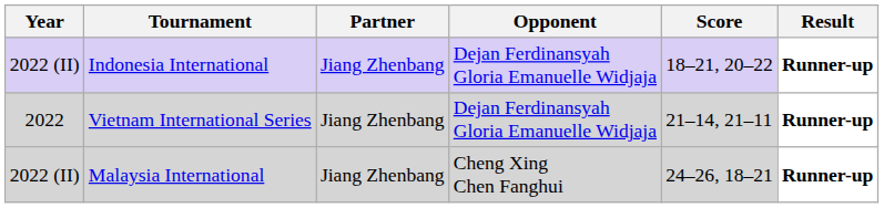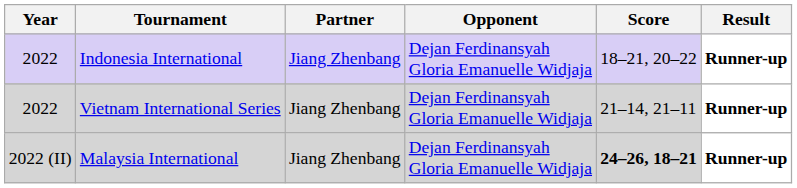 <table class="sortable wikitable" style="font-size: 90%;">
 <tr>
 <th>Year</th>
 <th>Tournament</th>
 <th>Partner</th>
 <th>Opponent</th>
 <th>Score</th>
 <th>Result</th>
 </tr>
 <tr style="background:#D8CEF6">
-<td align="center">2022 (II)</td>
+<td align="center">2022</td>
 <td align="left"><a href='#'>Indonesia International</a></td>
 <td align="left"> <a href='#'>Jiang Zhenbang</a></td>
 <td align="left"> <a href='#'>Dejan Ferdinansyah</a><br> <a href='#'>Gloria Emanuelle Widjaja</a></td>
 <td align="left">18–21, 20–22</td>
 <td style="text-align:left; background:white"> <strong>Runner-up</strong></td>
 </tr>
 <tr style="background:#D5D5D5">
 <td align="center">2022</td>
 <td align="left"><a href='#'>Vietnam International Series</a></td>
 <td align="left"> Jiang Zhenbang</td>
 <td align="left"> <a href='#'>Dejan Ferdinansyah</a><br> <a href='#'>Gloria Emanuelle Widjaja</a></td>
 <td align="left">21–14, 21–11</td>
 <td style="text-align:left; background:white"> <strong>Runner-up</strong></td>
 </tr>
 <tr style="background:#D5D5D5">
 <td align="center">2022 (II)</td>
 <td align="left"><a href='#'>Malaysia International</a></td>
 <td align="left"> Jiang Zhenbang</td>
-<td align="left"> Cheng Xing<br> Chen Fanghui</td>
-<td align="left">24–26, 18–21</td>
+<td align="left"> <a href='#'>Dejan Ferdinansyah</a><br> <a href='#'>Gloria Emanuelle Widjaja</a></td>
+<td align="left"><strong>24–26, 18–21</strong></td>
 <td style="text-align:left; background:white"> <strong>Runner-up</strong></td>
 </tr>
 </table>
